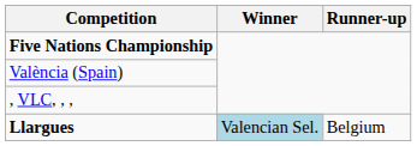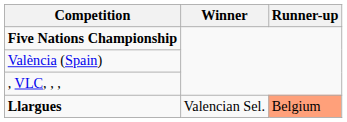 <table class="wikitable">
 <tr>
 <th><strong>Competition</strong></th>
 <th><strong>Winner</strong></th>
 <th><strong>Runner-up</strong></th>
 </tr>
 <tr>
 <td rowspan=1><strong>Five Nations Championship</strong></td>
 </tr>
 <tr>
 <td rowspan=1><a href='#'>València</a> (<a href='#'>Spain</a>)</td>
 </tr>
 <tr>
 <td rowspan=1>,  <a href='#'>VLC</a>, , , </td>
 </tr>
 <tr>
 <td rowspan=1><strong>Llargues</strong></td>
-<td style="background: lightblue;">Valencian Sel.</td>
-<td>Belgium</td>
+<td>Valencian Sel.</td>
+<td style="background: lightsalmon;">Belgium</td>
 </tr>
 </table>
